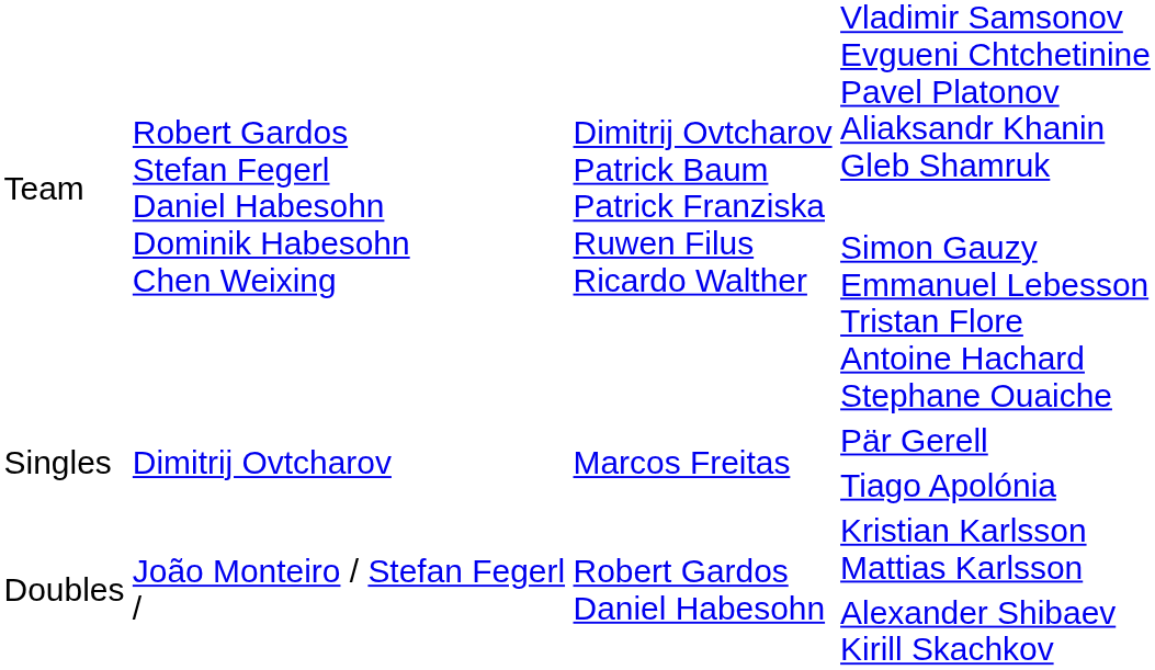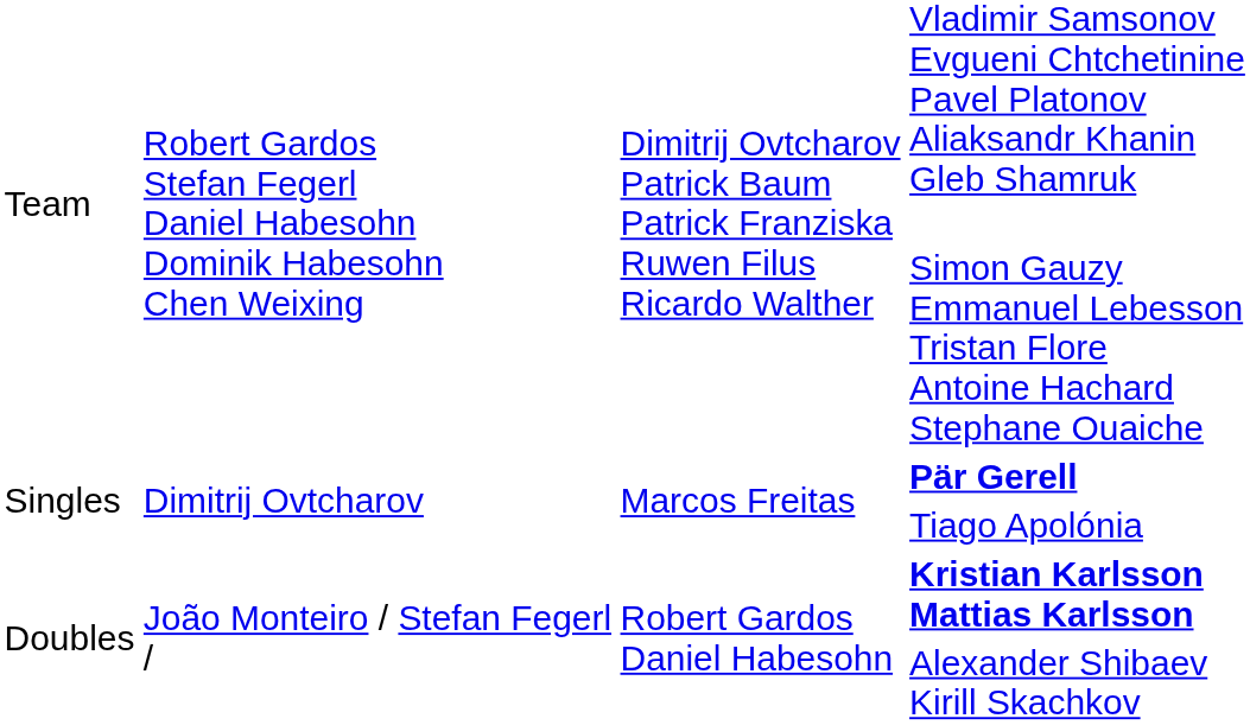 <table>
 <tr>
 <td rowspan=2>Team</td>
 <td rowspan=2><br><a href='#'>Robert Gardos</a><br><a href='#'>Stefan Fegerl</a><br><a href='#'>Daniel Habesohn</a><br><a href='#'>Dominik Habesohn</a><br><a href='#'>Chen Weixing</a></td>
 <td rowspan=2><br><a href='#'>Dimitrij Ovtcharov</a><br><a href='#'>Patrick Baum</a><br><a href='#'>Patrick Franziska</a><br><a href='#'>Ruwen Filus</a><br><a href='#'>Ricardo Walther</a></td>
 <td><br><a href='#'>Vladimir Samsonov</a><br><a href='#'>Evgueni Chtchetinine</a><br><a href='#'>Pavel Platonov</a><br><a href='#'>Aliaksandr Khanin</a><br><a href='#'>Gleb Shamruk</a></td>
 </tr>
 <tr>
 <td><br><a href='#'>Simon Gauzy</a><br><a href='#'>Emmanuel Lebesson</a><br><a href='#'>Tristan Flore</a><br><a href='#'>Antoine Hachard</a><br><a href='#'>Stephane Ouaiche</a></td>
 </tr>
 <tr>
 <td rowspan=2>Singles</td>
 <td rowspan=2><a href='#'>Dimitrij Ovtcharov</a><br></td>
 <td rowspan=2><a href='#'>Marcos Freitas</a><br></td>
-<td><a href='#'>Pär Gerell</a><br></td>
+<td><strong><a href='#'>Pär Gerell</a><br></strong></td>
 </tr>
 <tr>
 <td><a href='#'>Tiago Apolónia</a><br></td>
 </tr>
 <tr>
 <td rowspan=2>Doubles</td>
 <td rowspan=2><a href='#'>João Monteiro</a> / <a href='#'>Stefan Fegerl</a><br> / </td>
 <td rowspan=2><a href='#'>Robert Gardos</a><br><a href='#'>Daniel Habesohn</a><br></td>
-<td><a href='#'>Kristian Karlsson</a><br><a href='#'>Mattias Karlsson</a><br></td>
+<td><strong><a href='#'>Kristian Karlsson</a><br><a href='#'>Mattias Karlsson</a><br></strong></td>
 </tr>
 <tr>
 <td><a href='#'>Alexander Shibaev</a><br><a href='#'>Kirill Skachkov</a><br></td>
 </tr>
 </table>
